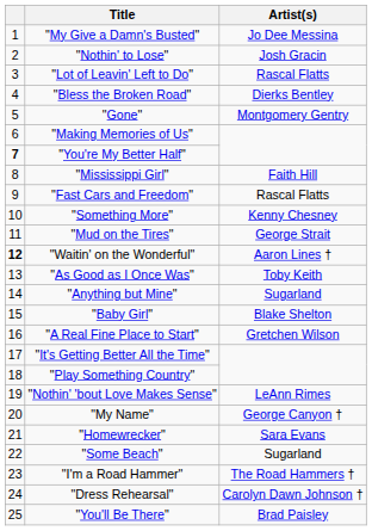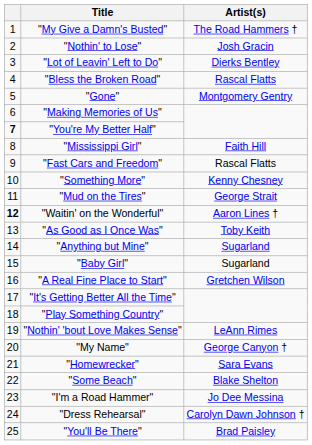 <table class="wikitable sortable">
 <tr>
 <th></th>
 <th>Title</th>
 <th>Artist(s)</th>
 </tr>
 <tr>
 <td align="center">1</td>
 <td align="center">"<a href='#'>My Give a Damn's Busted</a>"</td>
-<td align="center"><a href='#'>Jo Dee Messina</a></td>
+<td align="center"><a href='#'>The Road Hammers</a> †</td>
 </tr>
 <tr>
 <td align="center">2</td>
 <td align="center">"<a href='#'>Nothin' to Lose</a>"</td>
 <td align="center"><a href='#'>Josh Gracin</a></td>
 </tr>
 <tr>
 <td align="Center">3</td>
 <td align="center">"<a href='#'>Lot of Leavin' Left to Do</a>"</td>
-<td align="center"><a href='#'>Rascal Flatts</a></td>
+<td align="Center"><a href='#'>Dierks Bentley</a></td>
 </tr>
 <tr>
 <td align="center">4</td>
 <td align="Center">"<a href='#'>Bless the Broken Road</a>"</td>
-<td align="Center"><a href='#'>Dierks Bentley</a></td>
+<td align="center"><a href='#'>Rascal Flatts</a></td>
 </tr>
 <tr>
 <td align="center">5</td>
 <td align="center">"<a href='#'>Gone</a>"</td>
 <td align="center"><a href='#'>Montgomery Gentry</a></td>
 </tr>
 <tr>
 <td align="center">6</td>
 <td align="center">"<a href='#'>Making Memories of Us</a>"</td>
 <td rowspan="2"></td>
 </tr>
 <tr>
 <td align="center"><strong>7</strong></td>
 <td align="center">"<a href='#'>You're My Better Half</a>"</td>
 </tr>
 <tr>
 <td align="center">8</td>
 <td align="center">"<a href='#'>Mississippi Girl</a>"</td>
 <td align="center"><a href='#'>Faith Hill</a></td>
 </tr>
 <tr>
 <td align="center">9</td>
 <td align="Center">"<a href='#'>Fast Cars and Freedom</a>"</td>
 <td align="Center">Rascal Flatts</td>
 </tr>
 <tr>
 <td align="Center">10</td>
 <td align="center">"<a href='#'>Something More</a>"</td>
 <td align="center"><a href='#'>Kenny Chesney</a></td>
 </tr>
 <tr>
 <td align="center">11</td>
 <td align="center">"<a href='#'>Mud on the Tires</a>"</td>
 <td align="center"><a href='#'>George Strait</a></td>
 </tr>
 <tr>
 <td align="center"><strong>12</strong></td>
 <td align="center">"Waitin' on the Wonderful"</td>
 <td align="center"><a href='#'>Aaron Lines</a> †</td>
 </tr>
 <tr>
 <td align="center">13</td>
 <td align="center">"<a href='#'>As Good as I Once Was</a>"</td>
 <td align="center"><a href='#'>Toby Keith</a></td>
 </tr>
 <tr>
 <td align="center">14</td>
 <td align="center">"<a href='#'>Anything but Mine</a>"</td>
 <td align="center"><a href='#'>Sugarland</a></td>
 </tr>
 <tr>
 <td align="center">15</td>
 <td align="center">"<a href='#'>Baby Girl</a>"</td>
-<td align="center"><a href='#'>Blake Shelton</a></td>
+<td align="center">Sugarland</td>
 </tr>
 <tr>
 <td align="center">16</td>
 <td align="center">"<a href='#'>A Real Fine Place to Start</a>"</td>
 <td align="center"><a href='#'>Gretchen Wilson</a></td>
 </tr>
 <tr>
 <td align="center">17</td>
 <td align="center">"<a href='#'>It's Getting Better All the Time</a>"</td>
 <td rowspan="2"></td>
 </tr>
 <tr>
 <td align="center">18</td>
 <td align="center">"<a href='#'>Play Something Country</a>"</td>
 </tr>
 <tr>
 <td align="center">19</td>
 <td align="center">"<a href='#'>Nothin' 'bout Love Makes Sense</a>"</td>
 <td align="center"><a href='#'>LeAnn Rimes</a></td>
 </tr>
 <tr>
 <td align="center">20</td>
 <td align="center">"My Name"</td>
 <td align="center"><a href='#'>George Canyon</a> †</td>
 </tr>
 <tr>
 <td align="center">21</td>
 <td align="center">"<a href='#'>Homewrecker</a>"</td>
 <td align="center"><a href='#'>Sara Evans</a></td>
 </tr>
 <tr>
 <td align="center">22</td>
 <td align="center">"<a href='#'>Some Beach</a>"</td>
-<td align="center">Sugarland</td>
+<td align="center"><a href='#'>Blake Shelton</a></td>
 </tr>
 <tr>
 <td align="center">23</td>
 <td align="Center">"I'm a Road Hammer"</td>
-<td align="center"><a href='#'>The Road Hammers</a> †</td>
+<td align="center"><a href='#'>Jo Dee Messina</a></td>
 </tr>
 <tr>
 <td align="center">24</td>
 <td align="center">"Dress Rehearsal"</td>
 <td align="center"><a href='#'>Carolyn Dawn Johnson</a> †</td>
 </tr>
 <tr>
 <td align="center">25</td>
 <td align="center">"<a href='#'>You'll Be There</a>"</td>
 <td align="Center"><a href='#'>Brad Paisley</a></td>
 </tr>
 </table>
